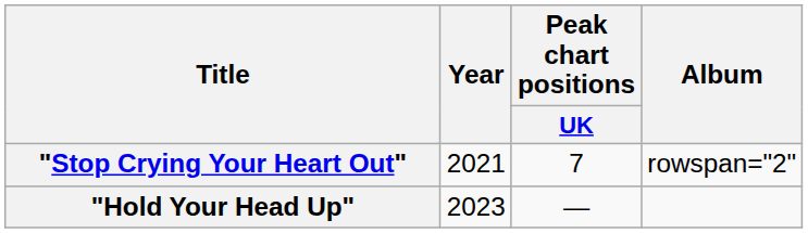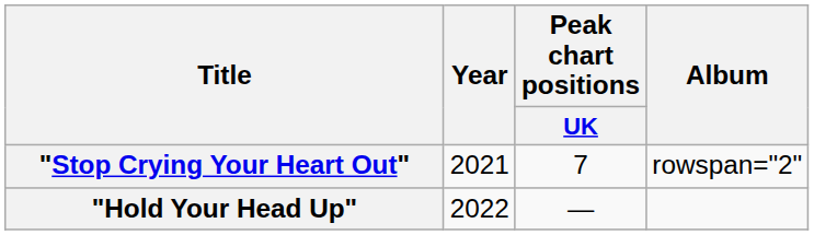 <table class="wikitable plainrowheaders" style="text-align:center;">
 <tr>
 <th scope="col" rowspan="2" style="width:16em;">Title</th>
 <th scope="col" rowspan="2">Year</th>
 <th scope="col" colspan="1">Peak chart positions</th>
 <th scope="col" rowspan="2">Album</th>
 </tr>
 <tr>
 <th scope="col" style="width:2.5em;font-size:90%;"><a href='#'>UK</a><br></th>
 </tr>
 <tr>
 <th scope="row">"<a href='#'>Stop Crying Your Heart Out</a>"<br></th>
 <td>2021</td>
 <td>7</td>
 <td>rowspan="2" </td>
 </tr>
 <tr>
 <th scope="row">"Hold Your Head Up"<br></th>
-<td>2023</td>
+<td>2022</td>
 <td>—</td>
 </tr>
 </table>
